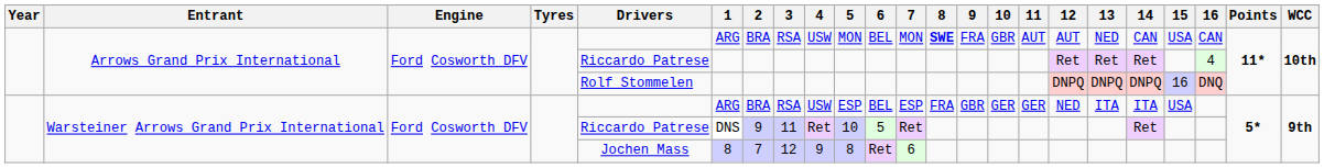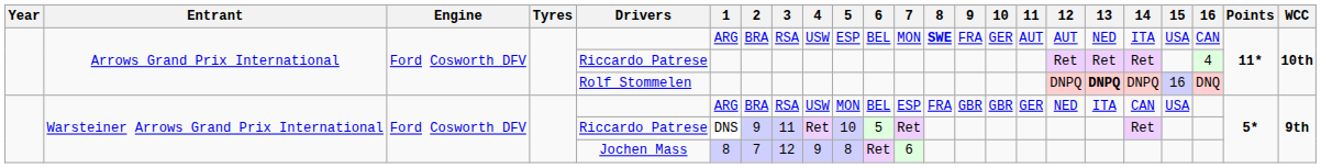 <table class="wikitable" style="text-align:center; font-size:90%">
 <tr>
 <th>Year</th>
 <th>Entrant</th>
 <th>Engine</th>
 <th>Tyres</th>
 <th>Drivers</th>
 <th>1</th>
 <th>2</th>
 <th>3</th>
 <th>4</th>
 <th>5</th>
 <th>6</th>
 <th>7</th>
 <th>8</th>
 <th>9</th>
 <th>10</th>
 <th>11</th>
 <th>12</th>
 <th>13</th>
 <th>14</th>
 <th>15</th>
 <th>16</th>
 <th>Points</th>
 <th>WCC</th>
 </tr>
 <tr>
 <td rowspan="3"></td>
 <td rowspan="3"><a href='#'>Arrows Grand Prix International</a></td>
 <td rowspan="3"><a href='#'>Ford</a> <a href='#'>Cosworth DFV</a></td>
 <td rowspan="3"></td>
 <td></td>
 <td><a href='#'>ARG</a></td>
 <td><a href='#'>BRA</a></td>
 <td><a href='#'>RSA</a></td>
 <td><a href='#'>USW</a></td>
-<td><a href='#'>MON</a></td>
+<td><a href='#'>ESP</a></td>
 <td><a href='#'>BEL</a></td>
 <td><a href='#'>MON</a></td>
 <td><strong><a href='#'>SWE</a></strong></td>
 <td><a href='#'>FRA</a></td>
-<td><a href='#'>GBR</a></td>
+<td><a href='#'>GER</a></td>
 <td><a href='#'>AUT</a></td>
 <td><a href='#'>AUT</a></td>
 <td><a href='#'>NED</a></td>
-<td><a href='#'>CAN</a></td>
+<td><a href='#'>ITA</a></td>
 <td><a href='#'>USA</a></td>
 <td><a href='#'>CAN</a></td>
 <td rowspan="3"><strong>11*</strong></td>
 <td rowspan="3"><strong>10th</strong></td>
 </tr>
 <tr>
 <td align="left"><a href='#'>Riccardo Patrese</a></td>
 <td></td>
 <td></td>
 <td></td>
 <td></td>
 <td></td>
 <td></td>
 <td></td>
 <td></td>
 <td></td>
 <td></td>
 <td></td>
 <td style="background:#EFCFFF;">Ret</td>
 <td style="background:#EFCFFF;">Ret</td>
 <td style="background:#EFCFFF;">Ret</td>
 <td></td>
 <td style="background:#DFFFDF;">4</td>
 </tr>
 <tr>
 <td align="left"><a href='#'>Rolf Stommelen</a></td>
 <td></td>
 <td></td>
 <td></td>
 <td></td>
 <td></td>
 <td></td>
 <td></td>
 <td></td>
 <td></td>
 <td></td>
 <td></td>
 <td style="background:#FFCFCF;">DNPQ</td>
-<td style="background:#FFCFCF;">DNPQ</td>
+<td style="background:#FFCFCF;"><strong>DNPQ</strong></td>
 <td style="background:#FFCFCF;">DNPQ</td>
 <td style="background:#CFCFFF;">16</td>
 <td style="background:#FFCFCF;">DNQ</td>
 </tr>
 <tr>
 <td rowspan="3"></td>
 <td rowspan="3"><a href='#'>Warsteiner</a> <a href='#'>Arrows Grand Prix International</a></td>
 <td rowspan="3"><a href='#'>Ford</a> <a href='#'>Cosworth DFV</a></td>
 <td rowspan="3"></td>
 <td></td>
 <td><a href='#'>ARG</a></td>
 <td><a href='#'>BRA</a></td>
 <td><a href='#'>RSA</a></td>
 <td><a href='#'>USW</a></td>
-<td><a href='#'>ESP</a></td>
+<td><a href='#'>MON</a></td>
 <td><a href='#'>BEL</a></td>
 <td><a href='#'>ESP</a></td>
 <td><a href='#'>FRA</a></td>
 <td><a href='#'>GBR</a></td>
-<td><a href='#'>GER</a></td>
+<td><a href='#'>GBR</a></td>
 <td><a href='#'>GER</a></td>
 <td><a href='#'>NED</a></td>
 <td><a href='#'>ITA</a></td>
-<td><a href='#'>ITA</a></td>
+<td><a href='#'>CAN</a></td>
 <td><a href='#'>USA</a></td>
 <td></td>
 <td rowspan="3"><strong>5*</strong></td>
 <td rowspan="3"><strong>9th</strong></td>
 </tr>
 <tr>
 <td><a href='#'>Riccardo Patrese</a></td>
 <td style="background:#ffffff;">DNS</td>
 <td style="background:#CFCFFF;">9</td>
 <td style="background:#CFCFFF;">11</td>
 <td style="background:#EFCFFF;">Ret</td>
 <td style="background:#CFCFFF;">10</td>
 <td style="background:#DFFFDF;">5</td>
 <td style="background:#EFCFFF;">Ret</td>
 <td></td>
 <td></td>
 <td></td>
 <td></td>
 <td></td>
 <td></td>
 <td style="background:#EFCFFF;">Ret</td>
 <td></td>
 <td></td>
 </tr>
 <tr>
 <td><a href='#'>Jochen Mass</a></td>
 <td style="background:#CFCFFF;">8</td>
 <td style="background:#CFCFFF;">7</td>
 <td style="background:#CFCFFF;">12</td>
 <td style="background:#CFCFFF;">9</td>
 <td style="background:#CFCFFF;">8</td>
 <td style="background:#EFCFFF;">Ret</td>
 <td style="background:#DFFFDF;">6</td>
 <td></td>
 <td></td>
 <td></td>
 <td></td>
 <td></td>
 <td></td>
 <td></td>
 <td></td>
 <td></td>
 </tr>
 </table>
